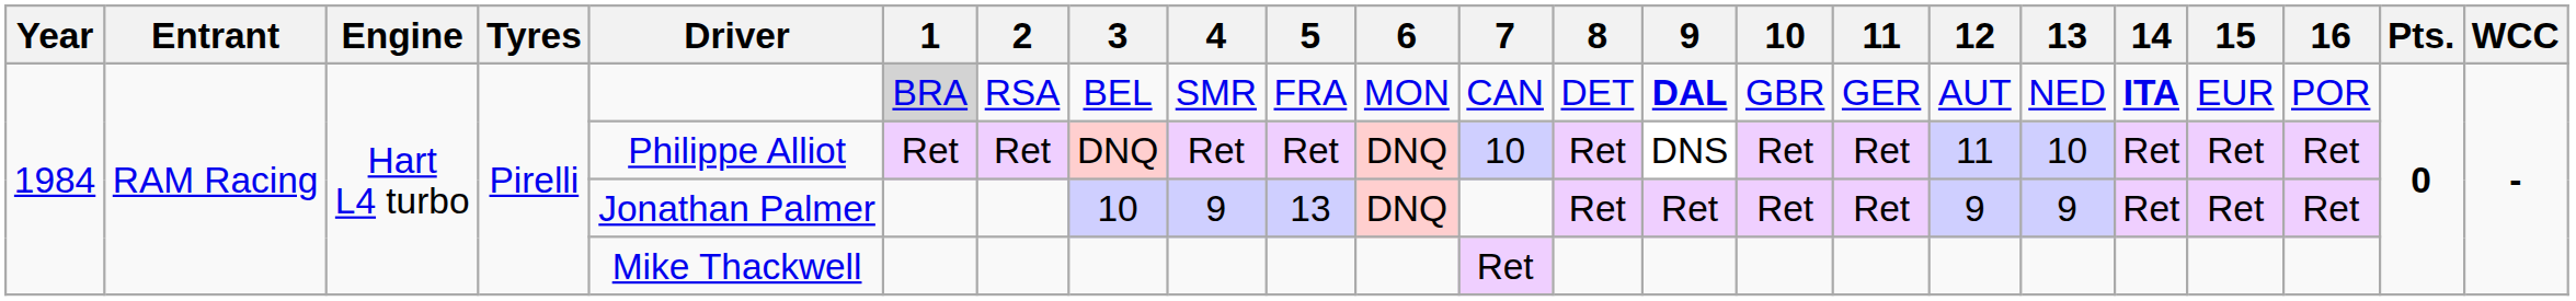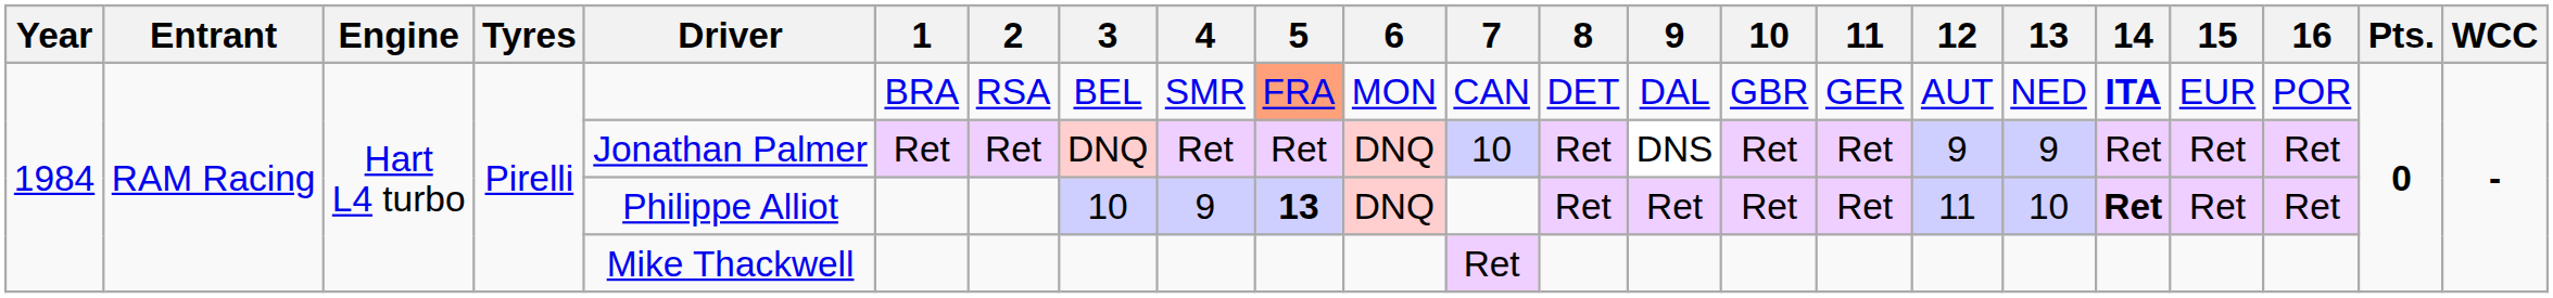 <table class="wikitable" style="text-align:center; font-size:95%">
 <tr>
 <th>Year</th>
 <th>Entrant</th>
 <th>Engine</th>
 <th>Tyres</th>
 <th>Driver</th>
 <th>1</th>
 <th>2</th>
 <th>3</th>
 <th>4</th>
 <th>5</th>
 <th>6</th>
 <th>7</th>
 <th>8</th>
 <th>9</th>
 <th>10</th>
 <th>11</th>
 <th>12</th>
 <th>13</th>
 <th>14</th>
 <th>15</th>
 <th>16</th>
 <th>Pts.</th>
 <th>WCC</th>
 </tr>
 <tr>
 <td rowspan="4"><a href='#'>1984</a></td>
 <td rowspan="4"><a href='#'>RAM Racing</a></td>
 <td rowspan="4"><a href='#'>Hart</a><br><a href='#'>L4</a> turbo</td>
 <td rowspan="4"><a href='#'>Pirelli</a></td>
 <td></td>
-<td style="background: lightgrey;"><a href='#'>BRA</a></td>
+<td><a href='#'>BRA</a></td>
 <td><a href='#'>RSA</a></td>
 <td><a href='#'>BEL</a></td>
 <td><a href='#'>SMR</a></td>
-<td><a href='#'>FRA</a></td>
+<td style="background: lightsalmon;"><a href='#'>FRA</a></td>
 <td><a href='#'>MON</a></td>
 <td><a href='#'>CAN</a></td>
 <td><a href='#'>DET</a></td>
-<td><strong><a href='#'>DAL</a></strong></td>
+<td><a href='#'>DAL</a></td>
 <td><a href='#'>GBR</a></td>
 <td><a href='#'>GER</a></td>
 <td><a href='#'>AUT</a></td>
 <td><a href='#'>NED</a></td>
 <td><strong><a href='#'>ITA</a></strong></td>
 <td><a href='#'>EUR</a></td>
 <td><a href='#'>POR</a></td>
 <td rowspan="4"><strong>0</strong></td>
 <td rowspan="4"><strong>-</strong></td>
 </tr>
 <tr>
-<td><a href='#'>Philippe Alliot</a></td>
+<td><a href='#'>Jonathan Palmer</a></td>
 <td bgcolor="#EFCFFF">Ret</td>
 <td bgcolor="#EFCFFF">Ret</td>
 <td bgcolor="#FFCFCF">DNQ</td>
 <td bgcolor="#EFCFFF">Ret</td>
 <td bgcolor="#EFCFFF">Ret</td>
 <td bgcolor="#FFCFCF">DNQ</td>
 <td bgcolor="#CFCFFF">10</td>
 <td bgcolor="#EFCFFF">Ret</td>
 <td bgcolor="#FFFFFF">DNS</td>
 <td bgcolor="#EFCFFF">Ret</td>
 <td bgcolor="#EFCFFF">Ret</td>
-<td bgcolor="#CFCFFF">11</td>
-<td bgcolor="#CFCFFF">10</td>
+<td bgcolor="#CFCFFF">9</td>
+<td bgcolor="#CFCFFF">9</td>
 <td bgcolor="#EFCFFF">Ret</td>
 <td bgcolor="#EFCFFF">Ret</td>
 <td bgcolor="#EFCFFF">Ret</td>
 </tr>
 <tr>
-<td><a href='#'>Jonathan Palmer</a></td>
+<td><a href='#'>Philippe Alliot</a></td>
 <td></td>
 <td></td>
 <td bgcolor="#CFCFFF">10</td>
 <td bgcolor="#CFCFFF">9</td>
-<td bgcolor="#CFCFFF">13</td>
+<td bgcolor="#CFCFFF"><strong>13</strong></td>
 <td bgcolor="#FFCFCF">DNQ</td>
 <td></td>
 <td bgcolor="#EFCFFF">Ret</td>
 <td bgcolor="#EFCFFF">Ret</td>
 <td bgcolor="#EFCFFF">Ret</td>
 <td bgcolor="#EFCFFF">Ret</td>
-<td bgcolor="#CFCFFF">9</td>
-<td bgcolor="#CFCFFF">9</td>
-<td bgcolor="#EFCFFF">Ret</td>
+<td bgcolor="#CFCFFF">11</td>
+<td bgcolor="#CFCFFF">10</td>
+<td bgcolor="#EFCFFF"><strong>Ret</strong></td>
 <td bgcolor="#EFCFFF">Ret</td>
 <td bgcolor="#EFCFFF">Ret</td>
 </tr>
 <tr>
 <td><a href='#'>Mike Thackwell</a></td>
 <td></td>
 <td></td>
 <td></td>
 <td></td>
 <td></td>
 <td></td>
 <td bgcolor="#EFCFFF">Ret</td>
 <td></td>
 <td></td>
 <td></td>
 <td></td>
 <td></td>
 <td></td>
 <td></td>
 <td></td>
 <td></td>
 </tr>
 </table>
